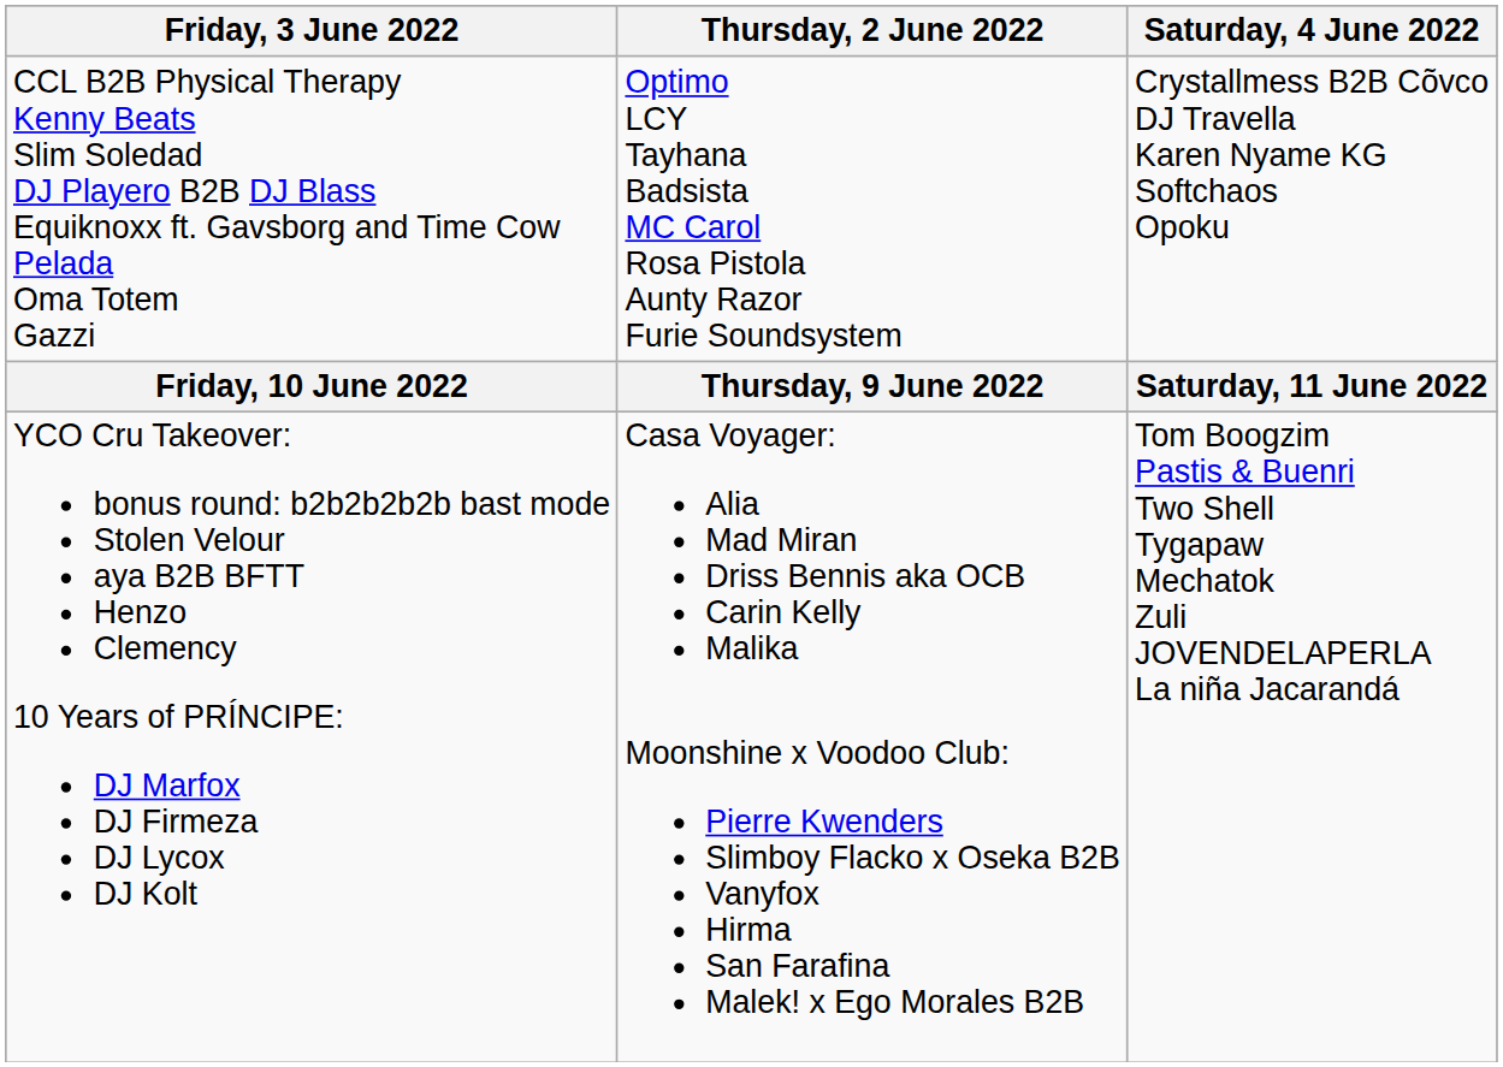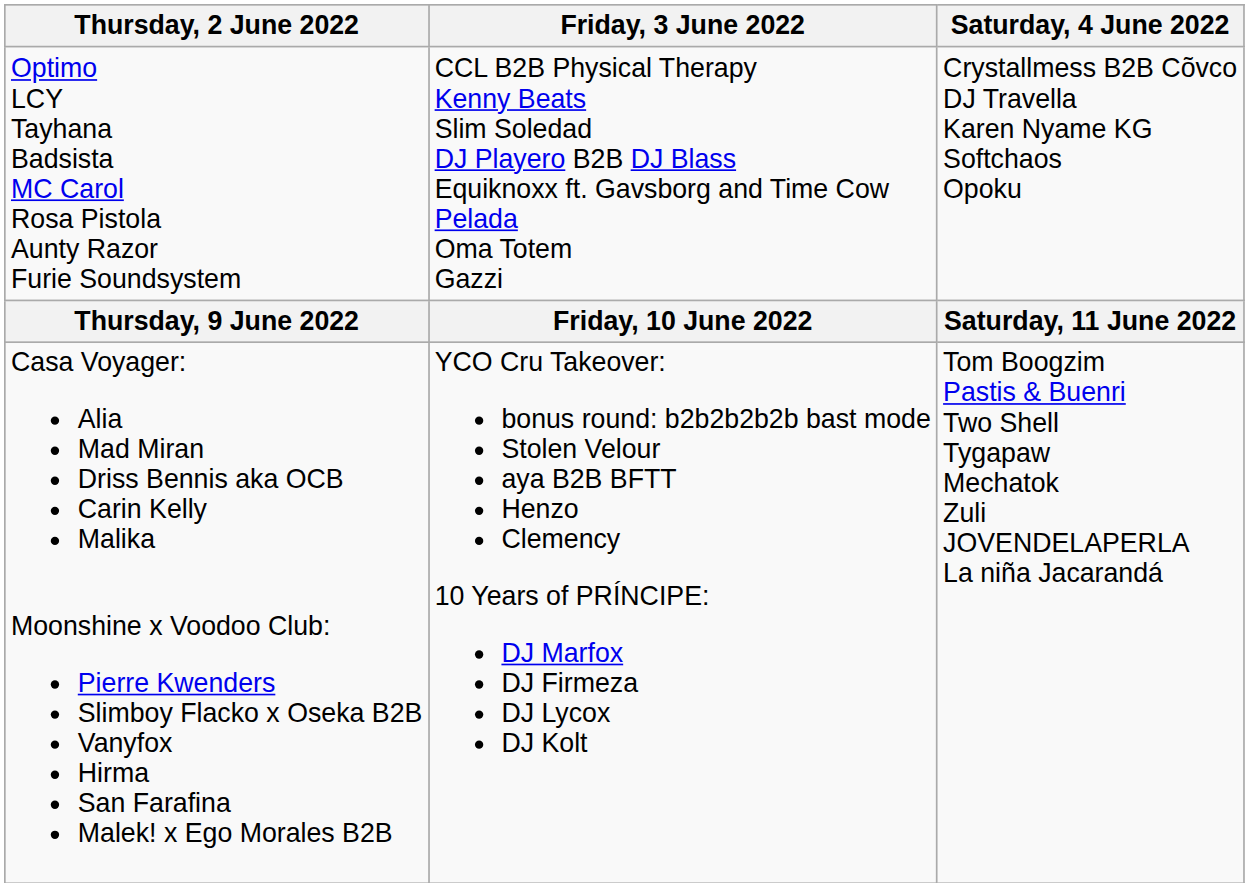 <table class="wikitable">
 <tr>
+<th>Thursday, 2 June 2022</th>
 <th>Friday, 3 June 2022</th>
-<th>Thursday, 2 June 2022</th>
 <th>Saturday, 4 June 2022</th>
 </tr>
 <tr valign="top">
+<td><a href='#'>Optimo</a><br>LCY<br>Tayhana<br>Badsista<br><a href='#'>MC Carol</a><br>Rosa Pistola<br>Aunty Razor<br>Furie Soundsystem</td>
 <td>CCL B2B Physical Therapy<br><a href='#'>Kenny Beats</a><br>Slim Soledad<br><a href='#'>DJ Playero</a> B2B <a href='#'>DJ Blass</a><br>Equiknoxx ft. Gavsborg and Time Cow<br><a href='#'>Pelada</a><br>Oma Totem<br>Gazzi</td>
-<td><a href='#'>Optimo</a><br>LCY<br>Tayhana<br>Badsista<br><a href='#'>MC Carol</a><br>Rosa Pistola<br>Aunty Razor<br>Furie Soundsystem</td>
 <td>Crystallmess B2B Cõvco<br>DJ Travella<br>Karen Nyame KG<br>Softchaos<br>Opoku</td>
 </tr>
 <tr>
+<th>Thursday, 9 June 2022</th>
 <th>Friday, 10 June 2022</th>
-<th>Thursday, 9 June 2022</th>
 <th>Saturday, 11 June 2022</th>
 </tr>
 <tr valign="top">
+<td>Casa Voyager:<br><ul><li>Alia</li><li>Mad Miran</li><li>Driss Bennis aka OCB</li><li>Carin Kelly</li><li>Malika</li></ul><br>Moonshine x Voodoo Club:<ul><li><a href='#'>Pierre Kwenders</a></li><li>Slimboy Flacko x Oseka B2B</li><li>Vanyfox</li><li>Hirma</li><li>San Farafina</li><li>Malek! x Ego Morales B2B</li></ul></td>
 <td>YCO Cru Takeover:<br><ul><li>bonus round: b2b2b2b2b bast mode</li><li>Stolen Velour</li><li>aya B2B BFTT</li><li>Henzo</li><li>Clemency</li></ul>10 Years of PRÍNCIPE:<ul><li><a href='#'>DJ Marfox</a></li><li>DJ Firmeza</li><li>DJ Lycox</li><li>DJ Kolt</li></ul></td>
-<td>Casa Voyager:<br><ul><li>Alia</li><li>Mad Miran</li><li>Driss Bennis aka OCB</li><li>Carin Kelly</li><li>Malika</li></ul><br>Moonshine x Voodoo Club:<ul><li><a href='#'>Pierre Kwenders</a></li><li>Slimboy Flacko x Oseka B2B</li><li>Vanyfox</li><li>Hirma</li><li>San Farafina</li><li>Malek! x Ego Morales B2B</li></ul></td>
 <td>Tom Boogzim<br><a href='#'>Pastis & Buenri</a><br>Two Shell<br>Tygapaw<br>Mechatok<br>Zuli<br>JOVENDELAPERLA<br>La niña Jacarandá</td>
 </tr>
 </table>
